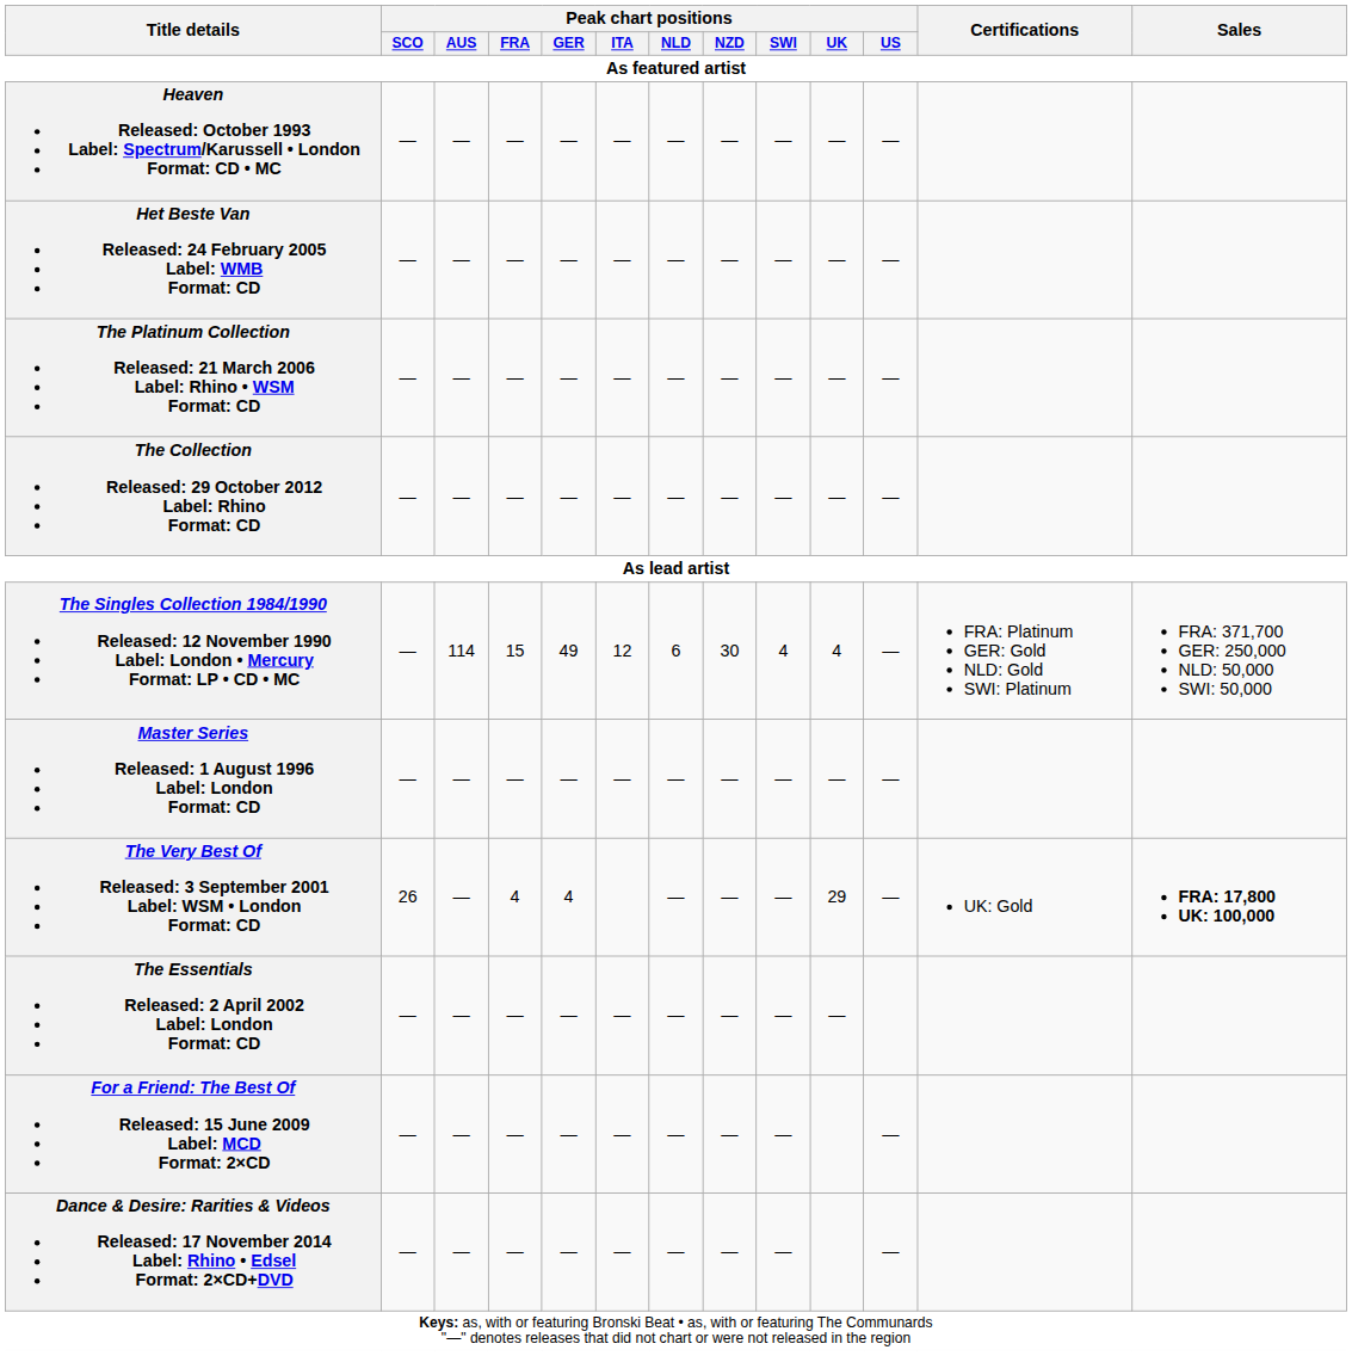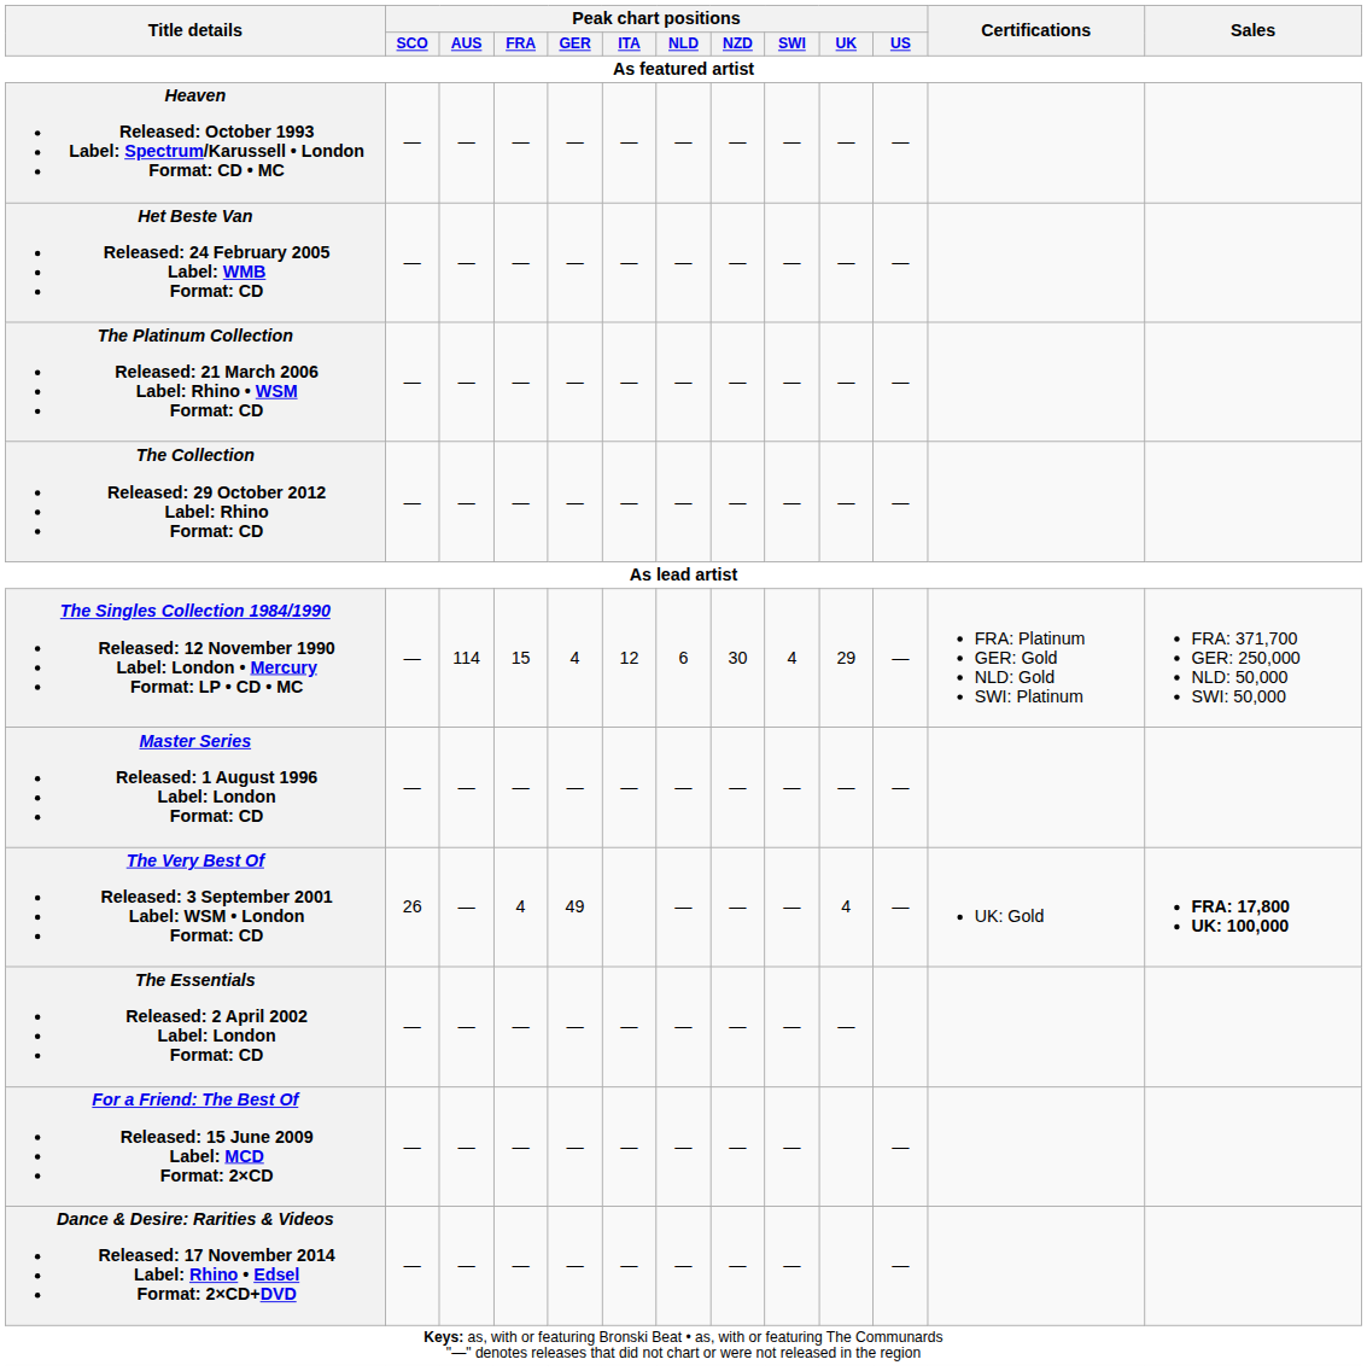 <table class="wikitable plainrowheaders" style="text-align:center; width:100%;">
 <tr>
 <th rowspan="2" scope="col" style="width:28%;">Title details</th>
 <th colspan="10" scope="col" style="width:40%;">Peak chart positions</th>
 <th rowspan="2" scope="col" style="width:16%;">Certifications</th>
 <th rowspan="2" scope="col" style="width:16%;">Sales</th>
 </tr>
 <tr>
 <th scope="col" style="width:4%; font-size:85%;"><a href='#'>SCO</a> <br></th>
 <th scope="col" style="width:4%; font-size:85%;"><a href='#'>AUS</a> <br></th>
 <th scope="col" style="width:4%; font-size:85%;"><a href='#'>FRA</a> <br></th>
 <th scope="col" style="width:4%; font-size:85%;"><a href='#'>GER</a> <br></th>
 <th scope="col" style="width:4%; font-size:85%;"><a href='#'>ITA</a> <br></th>
 <th scope="col" style="width:4%; font-size:85%;"><a href='#'>NLD</a> <br></th>
 <th scope="col" style="width:4%; font-size:85%;"><a href='#'>NZD</a> <br></th>
 <th scope="col" style="width:4%; font-size:85%;"><a href='#'>SWI</a> <br></th>
 <th scope="col" style="width:4%; font-size:85%;"><a href='#'>UK</a> <br></th>
 <th scope="col" style="width:4%; font-size:85%;"><a href='#'>US</a> <br></th>
 </tr>
 <tr>
 <th colspan="13" style="background:#FFF; border-left:1px solid #FFF; border-right:1px solid #FFF">As featured artist</th>
 </tr>
 <tr>
 <th scope="row"><em>Heaven</em><br><ul><li>Released: October 1993</li><li>Label: <a href='#'>Spectrum</a>/Karussell • London</li><li>Format: CD • MC</li></ul></th>
 <td>—</td>
 <td>—</td>
 <td>—</td>
 <td>—</td>
 <td>—</td>
 <td>—</td>
 <td>—</td>
 <td>—</td>
 <td>—</td>
 <td>—</td>
 <td style="text-align:left;"></td>
 <td style="text-align:left;"></td>
 </tr>
 <tr>
 <th scope="row"><em>Het Beste Van</em><br><ul><li>Released: 24 February 2005</li><li>Label: <a href='#'>WMB</a></li><li>Format: CD</li></ul></th>
 <td>—</td>
 <td>—</td>
 <td>—</td>
 <td>—</td>
 <td>—</td>
 <td>—</td>
 <td>—</td>
 <td>—</td>
 <td>—</td>
 <td>—</td>
 <td style="text-align:left;"></td>
 <td style="text-align:left;"></td>
 </tr>
 <tr>
 <th scope="row"><em>The Platinum Collection</em><br><ul><li>Released: 21 March 2006</li><li>Label: Rhino • <a href='#'>WSM</a> </li><li>Format: CD</li></ul></th>
 <td>—</td>
 <td>—</td>
 <td>—</td>
 <td>—</td>
 <td>—</td>
 <td>—</td>
 <td>—</td>
 <td>—</td>
 <td>—</td>
 <td>—</td>
 <td style="text-align:left;"></td>
 <td style="text-align:left;"></td>
 </tr>
 <tr>
 <th scope="row"><em>The Collection</em><br><ul><li>Released: 29 October 2012</li><li>Label: Rhino</li><li>Format: CD</li></ul></th>
 <td>—</td>
 <td>—</td>
 <td>—</td>
 <td>—</td>
 <td>—</td>
 <td>—</td>
 <td>—</td>
 <td>—</td>
 <td>—</td>
 <td>—</td>
 <td style="text-align:left;"></td>
 <td style="text-align:left;"></td>
 </tr>
 <tr>
 <th colspan=13 style="background:#FFF; border-left:1px solid #FFF; border-right:1px solid #FFF">As lead artist</th>
 </tr>
 <tr>
 <th scope="row"><em><a href='#'>The Singles Collection 1984/1990</a></em><br><ul><li>Released: 12 November 1990</li><li>Label: London • <a href='#'>Mercury</a> </li><li>Format: LP • CD • MC</li></ul></th>
 <td>—</td>
 <td>114</td>
 <td>15</td>
-<td>49</td>
+<td>4</td>
 <td>12</td>
 <td>6</td>
 <td>30</td>
 <td>4</td>
-<td>4</td>
+<td>29</td>
 <td>—</td>
 <td style="text-align:left;"><br><ul><li>FRA: Platinum</li><li>GER: Gold</li><li>NLD: Gold</li><li>SWI: Platinum</li></ul></td>
 <td style="text-align:left;"><br><ul><li>FRA: 371,700</li><li>GER: 250,000</li><li>NLD: 50,000</li><li>SWI: 50,000</li></ul></td>
 </tr>
 <tr>
 <th scope="row"><em><a href='#'>Master Series</a></em><br><ul><li>Released: 1 August 1996</li><li>Label: London</li><li>Format: CD</li></ul></th>
 <td>—</td>
 <td>—</td>
 <td>—</td>
 <td>—</td>
 <td>—</td>
 <td>—</td>
 <td>—</td>
 <td>—</td>
 <td>—</td>
 <td>—</td>
 <td style="text-align:left;"></td>
 <td style="text-align:left;"></td>
 </tr>
 <tr>
 <th scope="row"><em><a href='#'>The Very Best Of</a></em><br><ul><li>Released: 3 September 2001</li><li>Label: WSM • London</li><li>Format: CD</li></ul></th>
 <td>26</td>
 <td>—</td>
 <td>4</td>
-<td>4</td>
+<td>49</td>
 <td></td>
 <td>—</td>
 <td>—</td>
 <td>—</td>
-<td>29</td>
+<td>4</td>
 <td>—</td>
 <td style="text-align:left;"><br><ul><li>UK: Gold</li></ul></td>
 <td style="text-align:left;"><strong><br><ul><li>FRA: 17,800</li><li>UK: 100,000</li></ul></strong></td>
 </tr>
 <tr>
 <th scope="row"><em>The Essentials</em><br><ul><li>Released: 2 April 2002</li><li>Label: London</li><li>Format: CD</li></ul></th>
 <td>—</td>
 <td>—</td>
 <td>—</td>
 <td>—</td>
 <td>—</td>
 <td>—</td>
 <td>—</td>
 <td>—</td>
 <td>—</td>
 <td></td>
 <td style="text-align:left;"></td>
 <td style="text-align:left;"></td>
 </tr>
 <tr>
 <th scope="row"><em><a href='#'>For a Friend: The Best Of</a></em><br><ul><li>Released: 15 June 2009</li><li>Label: <a href='#'>MCD</a></li><li>Format: 2×CD</li></ul></th>
 <td>—</td>
 <td>—</td>
 <td>—</td>
 <td>—</td>
 <td>—</td>
 <td>—</td>
 <td>—</td>
 <td>—</td>
 <td></td>
 <td>—</td>
 <td style="text-align:left;"></td>
 <td style="text-align:left;"></td>
 </tr>
 <tr>
 <th scope="row"><em>Dance & Desire: Rarities & Videos</em><br><ul><li>Released: 17 November 2014</li><li>Label: <a href='#'>Rhino</a> • <a href='#'>Edsel</a></li><li>Format: 2×CD+<a href='#'>DVD</a> </li></ul></th>
 <td>—</td>
 <td>—</td>
 <td>—</td>
 <td>—</td>
 <td>—</td>
 <td>—</td>
 <td>—</td>
 <td>—</td>
 <td></td>
 <td>—</td>
 <td style="text-align:left;"></td>
 <td style="text-align:left;"></td>
 </tr>
 <tr>
 <td colspan="13" style="width:100%; background:#FFF; border-bottom:1px solid #FFF; border-left:1px solid #FFF; border-right:1px solid #FFF;font-size:85%"><strong>Keys:</strong>  as, with or featuring Bronski Beat •  as, with or featuring The Communards <br>"—" denotes releases that did not chart or were not released in the region</td>
 </tr>
 </table>
